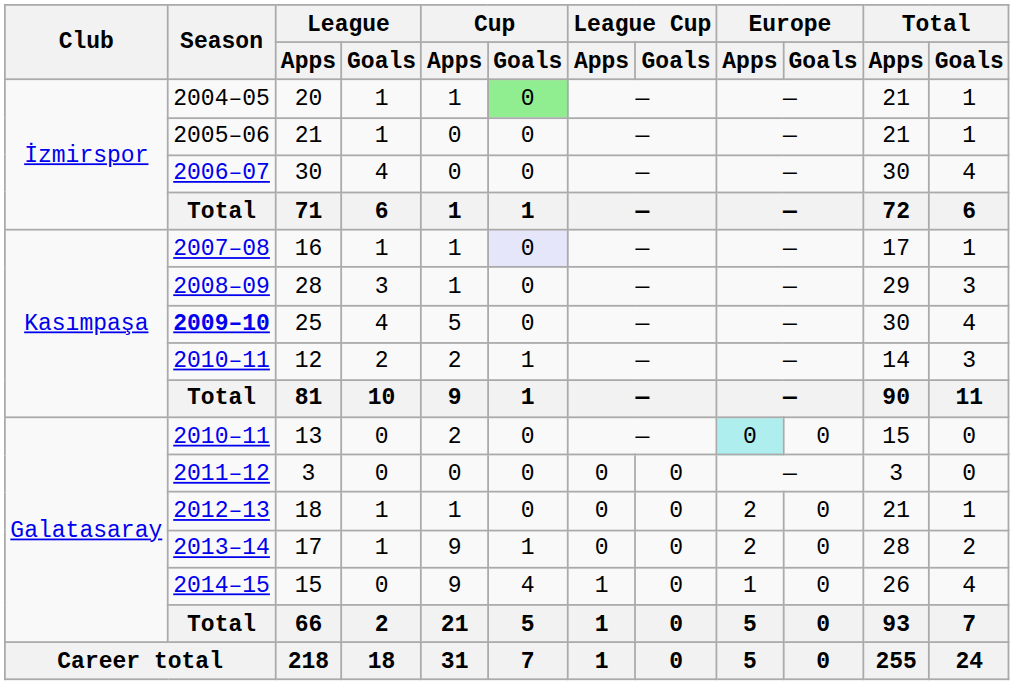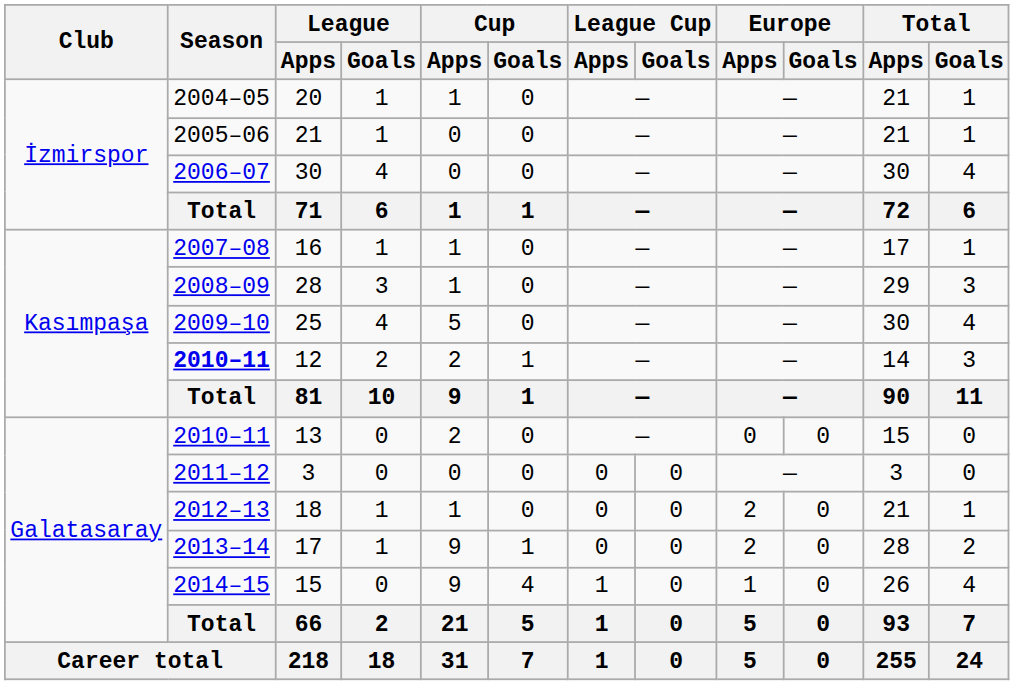 <table class="wikitable" style="text-align: center;">
 <tr>
 <th rowspan="2">Club</th>
 <th rowspan="2">Season</th>
 <th colspan="2">League</th>
 <th colspan="2">Cup</th>
 <th colspan="2">League Cup</th>
 <th colspan="2">Europe</th>
 <th colspan="2">Total</th>
 </tr>
 <tr>
 <th>Apps</th>
 <th>Goals</th>
 <th>Apps</th>
 <th>Goals</th>
 <th>Apps</th>
 <th>Goals</th>
 <th>Apps</th>
 <th>Goals</th>
 <th>Apps</th>
 <th>Goals</th>
 </tr>
 <tr>
 <td rowspan="4" valign="center"><a href='#'>İzmirspor</a></td>
 <td>2004–05</td>
 <td>20</td>
 <td>1</td>
 <td>1</td>
-<td style="background: lightgreen;">0</td>
+<td>0</td>
 <td colspan="2">—</td>
 <td colspan="2">—</td>
 <td>21</td>
 <td>1</td>
 </tr>
 <tr>
 <td>2005–06</td>
 <td>21</td>
 <td>1</td>
 <td>0</td>
 <td>0</td>
 <td colspan="2">—</td>
 <td colspan="2">—</td>
 <td>21</td>
 <td>1</td>
 </tr>
 <tr>
 <td><a href='#'>2006–07</a></td>
 <td>30</td>
 <td>4</td>
 <td>0</td>
 <td>0</td>
 <td colspan="2">—</td>
 <td colspan="2">—</td>
 <td>30</td>
 <td>4</td>
 </tr>
 <tr>
 <th>Total</th>
 <th>71</th>
 <th>6</th>
 <th>1</th>
 <th>1</th>
 <th colspan="2">—</th>
 <th colspan="2">—</th>
 <th>72</th>
 <th>6</th>
 </tr>
 <tr>
 <td rowspan="5" valign="center"><a href='#'>Kasımpaşa</a></td>
 <td><a href='#'>2007–08</a></td>
 <td>16</td>
 <td>1</td>
 <td>1</td>
-<td style="background: lavender;">0</td>
+<td>0</td>
 <td colspan="2">—</td>
 <td colspan="2">—</td>
 <td>17</td>
 <td>1</td>
 </tr>
 <tr>
 <td><a href='#'>2008–09</a></td>
 <td>28</td>
 <td>3</td>
 <td>1</td>
 <td>0</td>
 <td colspan="2">—</td>
 <td colspan="2">—</td>
 <td>29</td>
 <td>3</td>
 </tr>
 <tr>
-<td><strong><a href='#'>2009–10</a></strong></td>
+<td><a href='#'>2009–10</a></td>
 <td>25</td>
 <td>4</td>
 <td>5</td>
 <td>0</td>
 <td colspan="2">—</td>
 <td colspan="2">—</td>
 <td>30</td>
 <td>4</td>
 </tr>
 <tr>
-<td><a href='#'>2010–11</a></td>
+<td><strong><a href='#'>2010–11</a></strong></td>
 <td>12</td>
 <td>2</td>
 <td>2</td>
 <td>1</td>
 <td colspan="2">—</td>
 <td colspan="2">—</td>
 <td>14</td>
 <td>3</td>
 </tr>
 <tr>
 <th>Total</th>
 <th>81</th>
 <th>10</th>
 <th>9</th>
 <th>1</th>
 <th colspan="2">—</th>
 <th colspan="2">—</th>
 <th>90</th>
 <th>11</th>
 </tr>
 <tr>
 <td rowspan="6" valign="center"><a href='#'>Galatasaray</a></td>
 <td><a href='#'>2010–11</a></td>
 <td>13</td>
 <td>0</td>
 <td>2</td>
 <td>0</td>
 <td colspan="2">—</td>
-<td style="background: paleturquoise;">0</td>
+<td>0</td>
 <td>0</td>
 <td>15</td>
 <td>0</td>
 </tr>
 <tr>
 <td><a href='#'>2011–12</a></td>
 <td>3</td>
 <td>0</td>
 <td>0</td>
 <td>0</td>
 <td>0</td>
 <td>0</td>
 <td colspan="2">—</td>
 <td>3</td>
 <td>0</td>
 </tr>
 <tr>
 <td><a href='#'>2012–13</a></td>
 <td>18</td>
 <td>1</td>
 <td>1</td>
 <td>0</td>
 <td>0</td>
 <td>0</td>
 <td>2</td>
 <td>0</td>
 <td>21</td>
 <td>1</td>
 </tr>
 <tr>
 <td><a href='#'>2013–14</a></td>
 <td>17</td>
 <td>1</td>
 <td>9</td>
 <td>1</td>
 <td>0</td>
 <td>0</td>
 <td>2</td>
 <td>0</td>
 <td>28</td>
 <td>2</td>
 </tr>
 <tr>
 <td><a href='#'>2014–15</a></td>
 <td>15</td>
 <td>0</td>
 <td>9</td>
 <td>4</td>
 <td>1</td>
 <td>0</td>
 <td>1</td>
 <td>0</td>
 <td>26</td>
 <td>4</td>
 </tr>
 <tr>
 <th>Total</th>
 <th>66</th>
 <th>2</th>
 <th>21</th>
 <th>5</th>
 <th>1</th>
 <th>0</th>
 <th>5</th>
 <th>0</th>
 <th>93</th>
 <th>7</th>
 </tr>
 <tr>
 <th colspan="2">Career total</th>
 <th>218</th>
 <th>18</th>
 <th>31</th>
 <th>7</th>
 <th>1</th>
 <th>0</th>
 <th>5</th>
 <th>0</th>
 <th>255</th>
 <th>24</th>
 </tr>
 </table>
